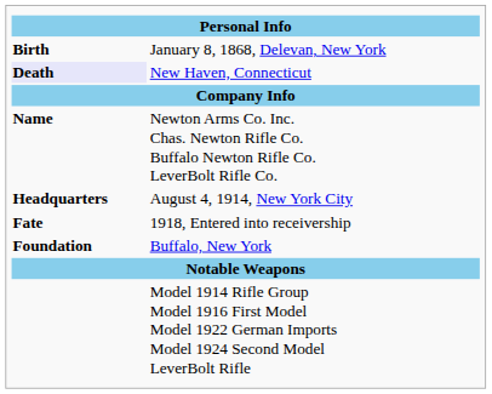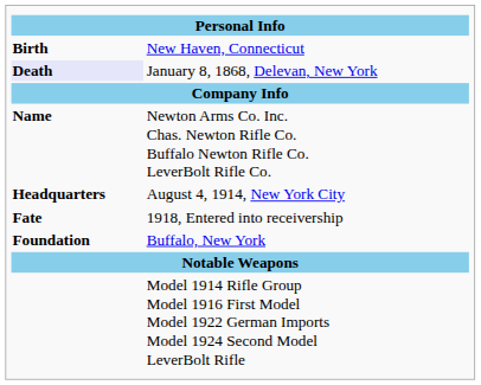 <table class="infobox" style="width: 30em; font-size: 95%;">
 <tr>
 <td></td>
 </tr>
 <tr>
 <th colspan="2" bgcolor="skyblue">Personal Info</th>
 </tr>
 <tr style="vertical-align: top;">
 <td><strong>Birth</strong></td>
-<td>January 8, 1868, <a href='#'>Delevan, New York</a></td>
+<td> <a href='#'>New Haven, Connecticut</a></td>
 </tr>
 <tr>
 <td style="background: lavender;"><strong>Death</strong></td>
-<td> <a href='#'>New Haven, Connecticut</a></td>
+<td>January 8, 1868, <a href='#'>Delevan, New York</a></td>
 </tr>
 <tr>
 <th colspan="2" bgcolor="skyblue">Company Info</th>
 </tr>
 <tr style="vertical-align: top;">
 <td><strong>Name</strong></td>
 <td>Newton Arms Co. Inc.<br>Chas. Newton Rifle Co.<br>Buffalo Newton Rifle Co.<br>LeverBolt Rifle Co.</td>
 </tr>
 <tr style="vertical-align: top;">
 <td><strong>Headquarters</strong></td>
 <td>August 4, 1914, <a href='#'>New York City</a></td>
 </tr>
 <tr>
 <td><strong>Fate</strong></td>
 <td>1918, Entered into receivership</td>
 </tr>
 <tr>
 <td><strong>Foundation</strong></td>
 <td> <a href='#'>Buffalo, New York</a></td>
 </tr>
 <tr>
 <th colspan="2" bgcolor="skyblue">Notable Weapons</th>
 </tr>
 <tr style="vertical-align: top;">
 <td></td>
 <td>Model 1914 Rifle Group<br>Model 1916 First Model<br>Model 1922 German Imports<br>Model 1924 Second Model<br>LeverBolt Rifle</td>
 </tr>
 <tr>
 <td></td>
 </tr>
 </table>
